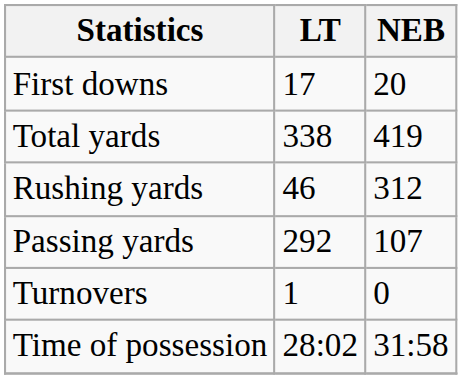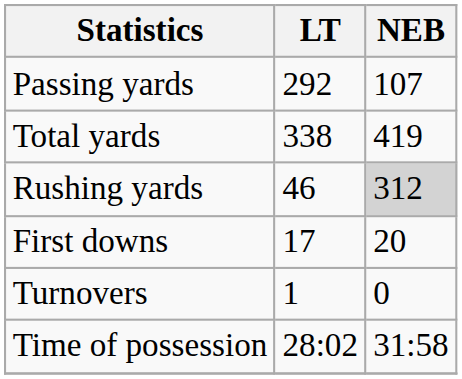 <table class="wikitable">
 <tr>
 <th>Statistics</th>
 <th>LT</th>
 <th>NEB</th>
 </tr>
 <tr>
-<td>First downs</td>
-<td>17</td>
-<td>20</td>
+<td>Passing yards</td>
+<td>292</td>
+<td>107</td>
 </tr>
 <tr>
 <td>Total yards</td>
 <td>338</td>
 <td>419</td>
 </tr>
 <tr>
 <td>Rushing yards</td>
 <td>46</td>
-<td>312</td>
+<td style="background: lightgrey;">312</td>
 </tr>
 <tr>
-<td>Passing yards</td>
-<td>292</td>
-<td>107</td>
+<td>First downs</td>
+<td>17</td>
+<td>20</td>
 </tr>
 <tr>
 <td>Turnovers</td>
 <td>1</td>
 <td>0</td>
 </tr>
 <tr>
 <td>Time of possession</td>
 <td>28:02</td>
 <td>31:58</td>
 </tr>
 <tr>
 </tr>
 </table>
